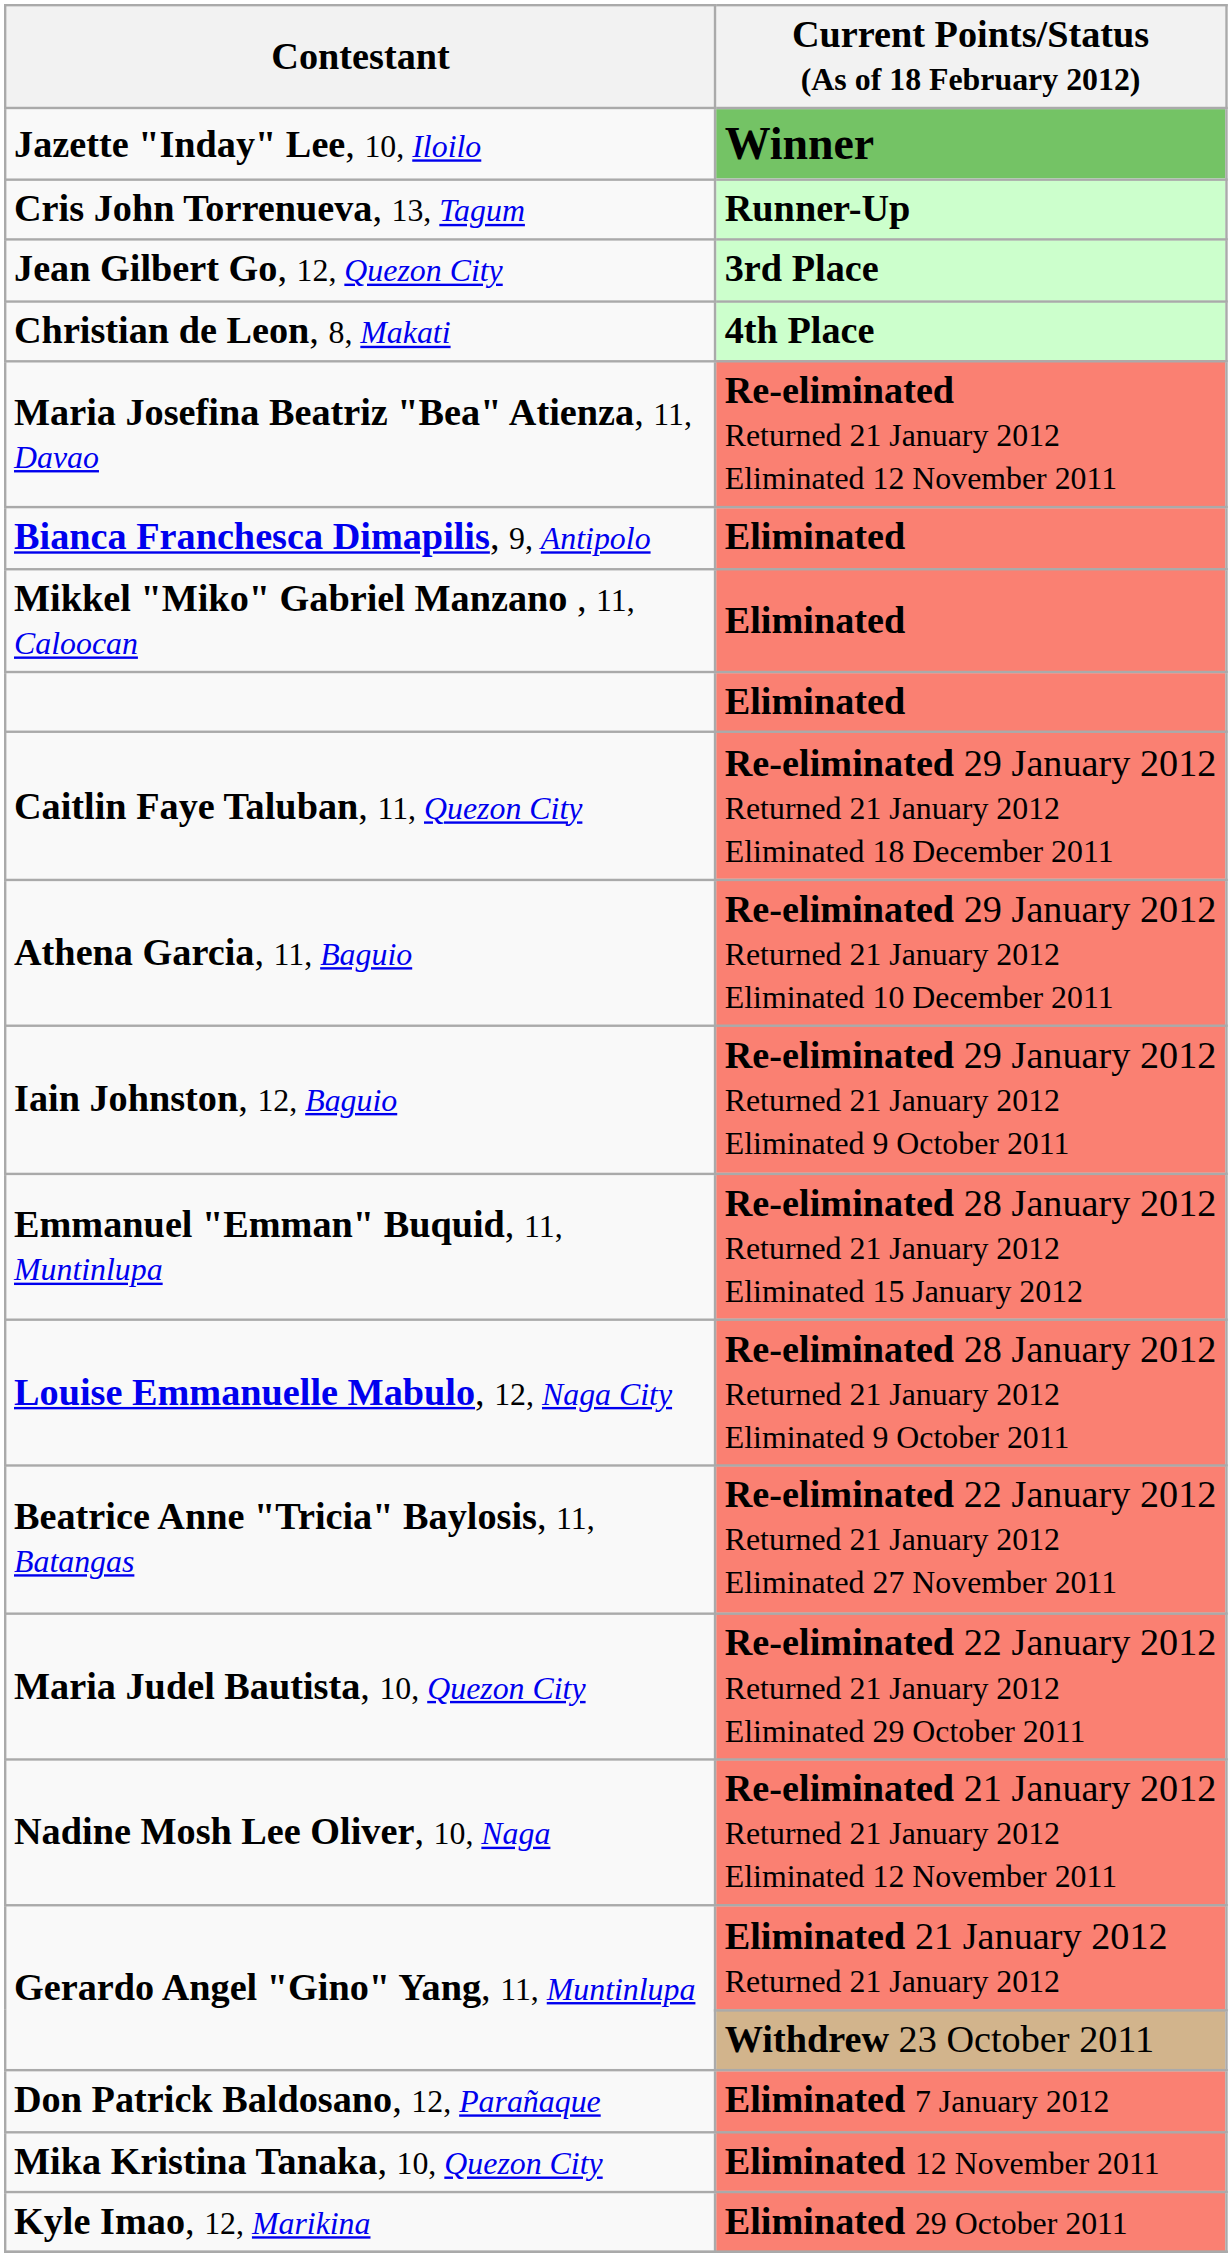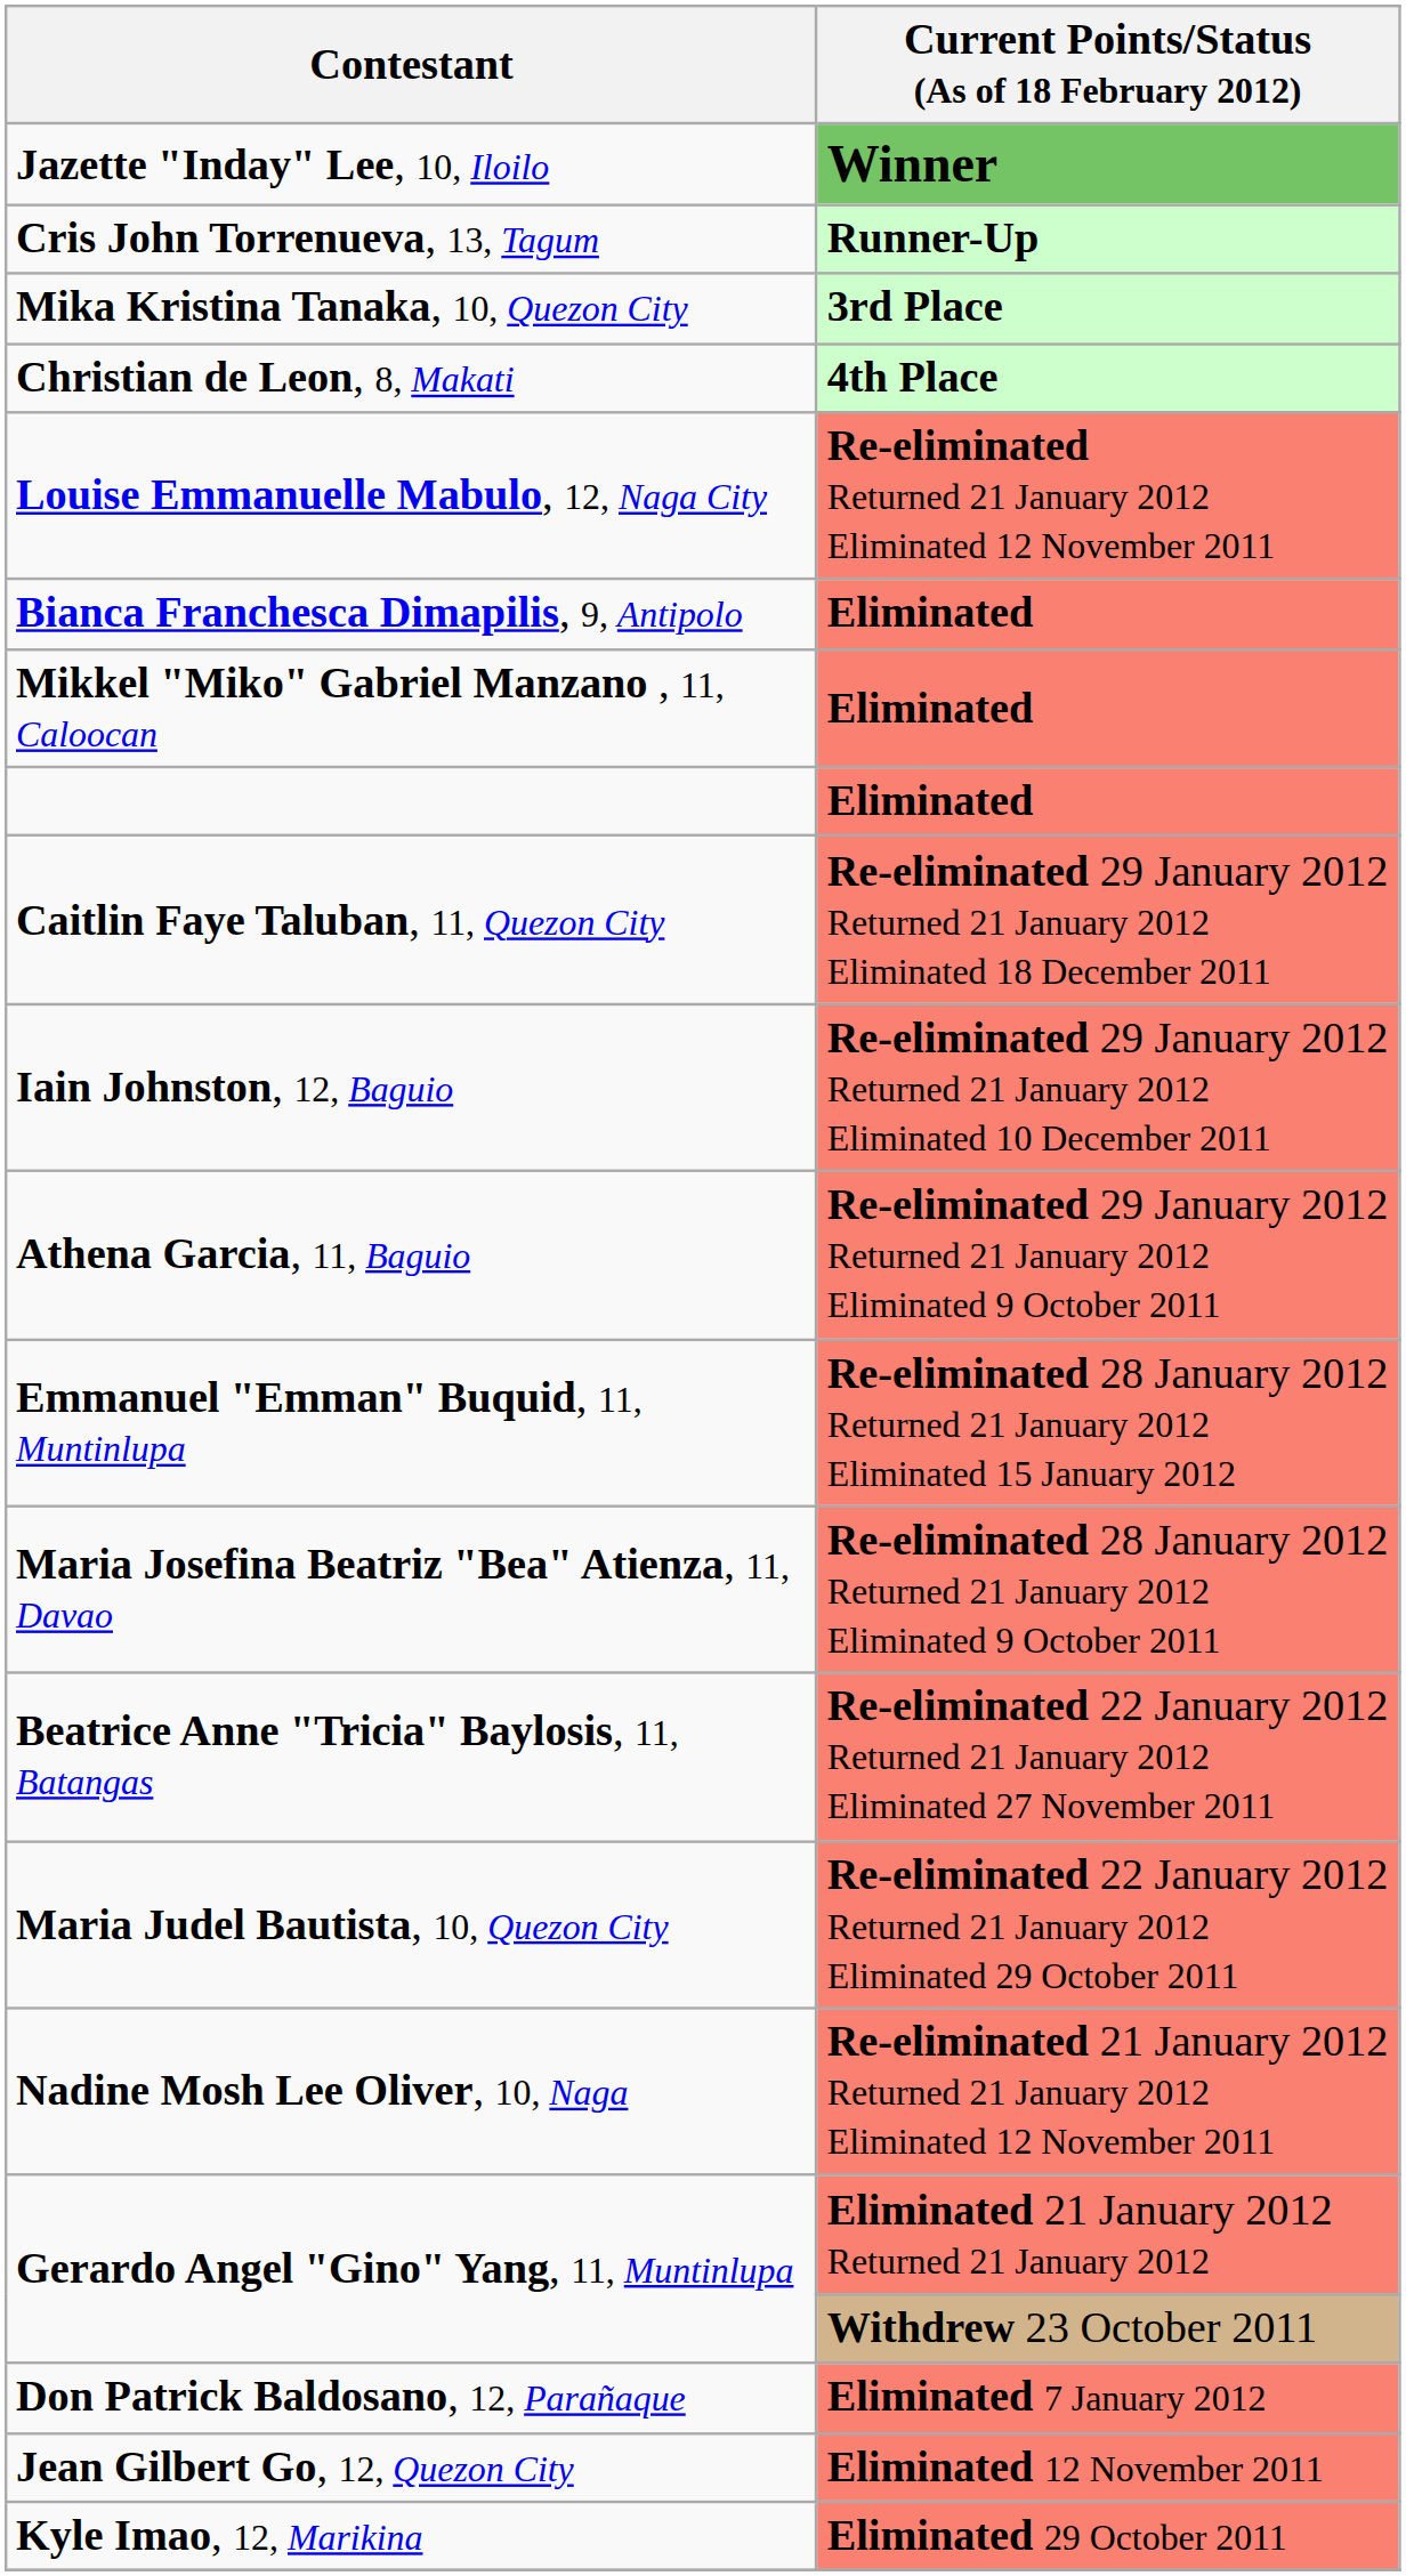 <table class="wikitable">
 <tr>
 <th width="290px">Contestant</th>
 <th>Current Points/Status<br><small>(As of 18 February 2012)</small></th>
 </tr>
 <tr>
 <td align=left><strong>Jazette "Inday" Lee</strong>, <small>10, <em><a href='#'>Iloilo</a></em></small></td>
 <td bgcolor=#74C365><big><strong>Winner</strong></big></td>
 </tr>
 <tr>
 <td align=left><strong>Cris John Torrenueva</strong>, <small>13, <em><a href='#'>Tagum</a></em></small></td>
 <td bgcolor=#CCFFCC><strong>Runner-Up</strong></td>
 </tr>
 <tr>
-<td align=left><strong>Jean Gilbert Go</strong>, <small>12, <em><a href='#'>Quezon City</a></em></small></td>
+<td align=left><strong>Mika Kristina Tanaka</strong>, <small>10, <em><a href='#'>Quezon City</a></em></small></td>
 <td bgcolor=#CCFFCC><strong>3rd Place</strong></td>
 </tr>
 <tr>
 <td align=left><strong>Christian de Leon</strong>, <small>8, <em><a href='#'>Makati</a></em></small></td>
 <td bgcolor=#CCFFCC><strong>4th Place</strong></td>
 </tr>
 <tr>
-<td align=left><strong>Maria Josefina Beatriz "Bea" Atienza</strong>, <small>11, <em><a href='#'>Davao</a></em></small></td>
+<td align=left><strong><a href='#'>Louise Emmanuelle Mabulo</a></strong>, <small>12, <em><a href='#'>Naga City</a></em></small></td>
 <td bgcolor="salmon"><strong>Re-eliminated</strong> <br><small>Returned 21 January 2012<br>Eliminated 12 November 2011</small></td>
 </tr>
 <tr>
 <td align=left><strong><a href='#'>Bianca Franchesca Dimapilis</a></strong>, <small>9, <em><a href='#'>Antipolo</a></em></small></td>
 <td bgcolor="salmon"><strong>Eliminated</strong> </td>
 </tr>
 <tr>
 <td align=left><strong>Mikkel "Miko" Gabriel Manzano </strong>, <small>11, <em><a href='#'>Caloocan</a></em></small></td>
 <td bgcolor="salmon"><strong>Eliminated</strong> </td>
 </tr>
 <tr>
 <td align=left></td>
 <td bgcolor="salmon"><strong>Eliminated</strong> </td>
 </tr>
 <tr>
 <td align=left><strong>Caitlin Faye Taluban</strong>, <small>11, <em><a href='#'>Quezon City</a></em></small></td>
 <td bgcolor="salmon"><strong>Re-eliminated</strong> 29 January 2012<br><small>Returned 21 January 2012</small><br><small>Eliminated 18 December 2011</small></td>
 </tr>
 <tr>
-<td align=left><strong>Athena Garcia</strong>, <small>11, <em><a href='#'>Baguio</a></em></small></td>
+<td align=left><strong>Iain Johnston</strong>, <small>12, <em><a href='#'>Baguio</a></em></small></td>
 <td bgcolor="salmon"><strong>Re-eliminated</strong> 29 January 2012<br><small>Returned 21 January 2012</small><br><small>Eliminated 10 December 2011</small></td>
 </tr>
 <tr>
-<td align=left><strong>Iain Johnston</strong>, <small>12, <em><a href='#'>Baguio</a></em></small></td>
+<td align=left><strong>Athena Garcia</strong>, <small>11, <em><a href='#'>Baguio</a></em></small></td>
 <td bgcolor="salmon"><strong>Re-eliminated</strong> 29 January 2012<br><small>Returned 21 January 2012</small><br><small>Eliminated 9 October 2011</small></td>
 </tr>
 <tr>
 <td align=left><strong>Emmanuel "Emman" Buquid</strong>, <small>11, <em><a href='#'>Muntinlupa</a></em></small></td>
 <td bgcolor="salmon"><strong>Re-eliminated</strong> 28 January 2012<br><small>Returned 21 January 2012</small><br><small>Eliminated 15 January 2012</small></td>
 </tr>
 <tr>
-<td align=left><strong><a href='#'>Louise Emmanuelle Mabulo</a></strong>, <small>12, <em><a href='#'>Naga City</a></em></small></td>
+<td align=left><strong>Maria Josefina Beatriz "Bea" Atienza</strong>, <small>11, <em><a href='#'>Davao</a></em></small></td>
 <td bgcolor="salmon"><strong>Re-eliminated</strong> 28 January 2012<br><small>Returned 21 January 2012</small><br><small>Eliminated 9 October 2011</small></td>
 </tr>
 <tr>
 <td align=left><strong>Beatrice Anne "Tricia" Baylosis</strong>, <small>11, <em><a href='#'>Batangas</a></em></small></td>
 <td bgcolor="salmon"><strong>Re-eliminated</strong> 22 January 2012<br><small>Returned 21 January 2012<br>Eliminated 27 November 2011</small></td>
 </tr>
 <tr>
 <td align=left><strong>Maria Judel Bautista</strong>, <small>10, <em><a href='#'>Quezon City</a></em></small></td>
 <td bgcolor="salmon"><strong>Re-eliminated</strong> 22 January 2012<br><small>Returned 21 January 2012<br>Eliminated 29 October 2011</small></td>
 </tr>
 <tr>
 <td align=left><strong>Nadine Mosh Lee Oliver</strong>, <small>10, <em><a href='#'>Naga</a></em></small></td>
 <td bgcolor="salmon"><strong>Re-eliminated</strong> 21 January 2012<br><small>Returned 21 January 2012<br>Eliminated 12 November 2011</small></td>
 </tr>
 <tr>
 <td rowspan=2 align=left><strong>Gerardo Angel "Gino" Yang</strong>, <small>11, <em><a href='#'>Muntinlupa</a></em></small></td>
 <td bgcolor="salmon"><strong>Eliminated</strong> 21 January 2012<br><small>Returned 21 January 2012</small></td>
 </tr>
 <tr>
 <td bgcolor="tan"><strong>Withdrew</strong> 23 October 2011</td>
 </tr>
 <tr>
 <td align=left><strong>Don Patrick Baldosano</strong>, <small>12, <em><a href='#'>Parañaque</a></em></small></td>
 <td bgcolor="salmon"><strong>Eliminated</strong> <small>7 January 2012</small></td>
 </tr>
 <tr>
-<td align=left><strong>Mika Kristina Tanaka</strong>, <small>10, <em><a href='#'>Quezon City</a></em></small></td>
+<td align=left><strong>Jean Gilbert Go</strong>, <small>12, <em><a href='#'>Quezon City</a></em></small></td>
 <td bgcolor="salmon"><strong>Eliminated</strong> <small>12 November 2011</small></td>
 </tr>
 <tr>
 <td align=left><strong>Kyle Imao</strong>, <small>12, <em><a href='#'>Marikina</a></em></small></td>
 <td bgcolor="salmon"><strong>Eliminated</strong> <small>29 October 2011</small></td>
 </tr>
 <tr>
 </tr>
 </table>
